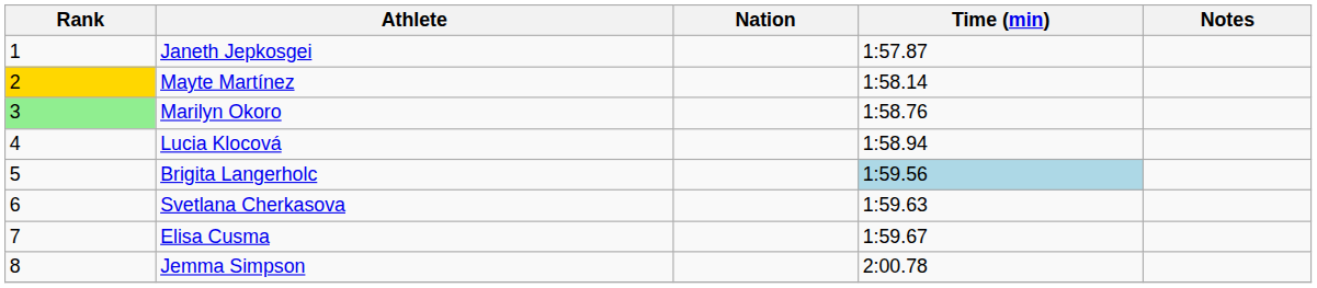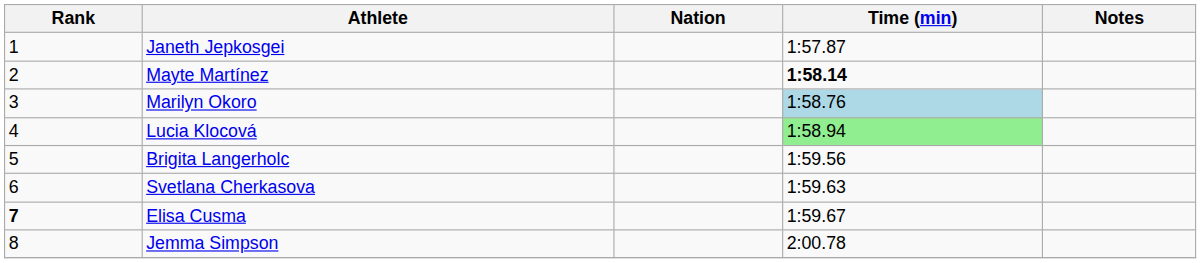 <table class="wikitable" style="text=align:center;" width=85%>
 <tr>
 <th>Rank</th>
 <th>Athlete</th>
 <th>Nation</th>
 <th>Time (<a href='#'>min</a>)</th>
 <th>Notes</th>
 </tr>
 <tr>
 <td>1</td>
 <td><a href='#'>Janeth Jepkosgei</a></td>
 <td></td>
 <td>1:57.87</td>
 <td></td>
 </tr>
 <tr>
-<td style="background: gold;">2</td>
+<td>2</td>
 <td><a href='#'>Mayte Martínez</a></td>
 <td></td>
-<td>1:58.14</td>
+<td><strong>1:58.14</strong></td>
 <td></td>
 </tr>
 <tr>
-<td style="background: lightgreen;">3</td>
+<td>3</td>
 <td><a href='#'>Marilyn Okoro</a></td>
 <td></td>
-<td>1:58.76</td>
+<td style="background: lightblue;">1:58.76</td>
 <td></td>
 </tr>
 <tr>
 <td>4</td>
 <td><a href='#'>Lucia Klocová</a></td>
 <td></td>
-<td>1:58.94</td>
+<td style="background: lightgreen;">1:58.94</td>
 <td></td>
 </tr>
 <tr>
 <td>5</td>
 <td><a href='#'>Brigita Langerholc</a></td>
 <td></td>
-<td style="background: lightblue;">1:59.56</td>
+<td>1:59.56</td>
 <td></td>
 </tr>
 <tr>
 <td>6</td>
 <td><a href='#'>Svetlana Cherkasova</a></td>
 <td></td>
 <td>1:59.63</td>
 <td></td>
 </tr>
 <tr>
-<td>7</td>
+<td><strong>7</strong></td>
 <td><a href='#'>Elisa Cusma</a></td>
 <td></td>
 <td>1:59.67</td>
 <td></td>
 </tr>
 <tr>
 <td>8</td>
 <td><a href='#'>Jemma Simpson</a></td>
 <td></td>
 <td>2:00.78</td>
 <td></td>
 </tr>
 <tr>
 </tr>
 </table>
